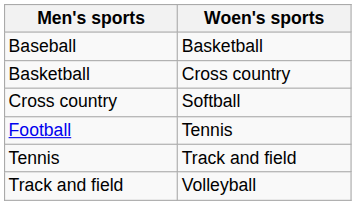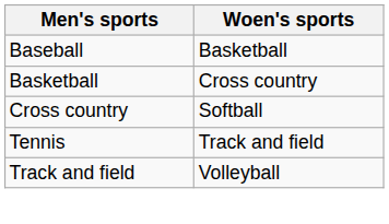 <table class="wikitable"; style= "text-align: ">
 <tr>
 <th width=150px>Men's sports</th>
 <th width=150px>Woen's sports</th>
 </tr>
 <tr>
 <td>Baseball</td>
 <td>Basketball</td>
 </tr>
 <tr>
 <td>Basketball</td>
 <td>Cross country</td>
 </tr>
 <tr>
 <td>Cross country</td>
 <td>Softball</td>
 </tr>
 <tr>
-<td><a href='#'>Football</a></td>
-<td>Tennis</td>
-</tr>
-<tr>
 <td>Tennis</td>
 <td>Track and field</td>
 </tr>
 <tr>
 <td>Track and field</td>
 <td>Volleyball</td>
 </tr>
 </table>
